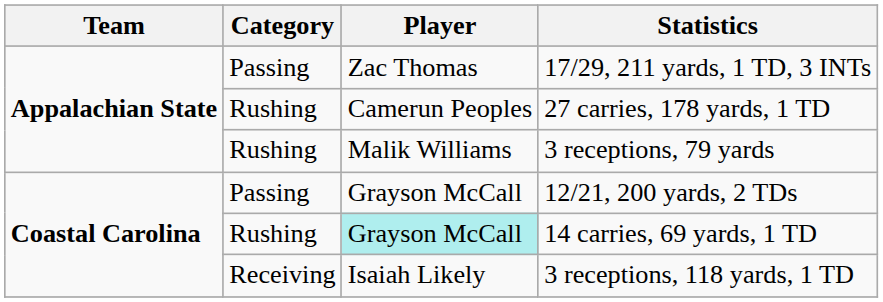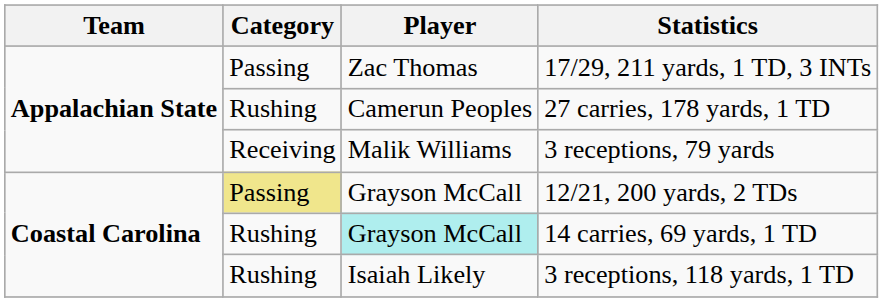 <table class="wikitable" style="float: left;">
 <tr>
 <th>Team</th>
 <th>Category</th>
 <th>Player</th>
 <th>Statistics</th>
 </tr>
 <tr>
 <td rowspan=3><strong>Appalachian State</strong></td>
 <td>Passing</td>
 <td>Zac Thomas</td>
 <td>17/29, 211 yards, 1 TD, 3 INTs</td>
 </tr>
 <tr>
 <td>Rushing</td>
 <td>Camerun Peoples</td>
 <td>27 carries, 178 yards, 1 TD</td>
 </tr>
 <tr>
-<td>Rushing</td>
+<td>Receiving</td>
 <td>Malik Williams</td>
 <td>3 receptions, 79 yards</td>
 </tr>
 <tr>
 <td rowspan=3><strong>Coastal Carolina</strong></td>
-<td>Passing</td>
+<td style="background: khaki;">Passing</td>
 <td>Grayson McCall</td>
 <td>12/21, 200 yards, 2 TDs</td>
 </tr>
 <tr>
 <td>Rushing</td>
 <td style="background: paleturquoise;">Grayson McCall</td>
 <td>14 carries, 69 yards, 1 TD</td>
 </tr>
 <tr>
-<td>Receiving</td>
+<td>Rushing</td>
 <td>Isaiah Likely</td>
 <td>3 receptions, 118 yards, 1 TD</td>
 </tr>
 </table>
